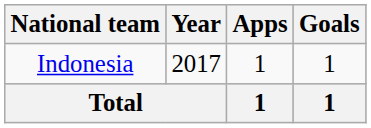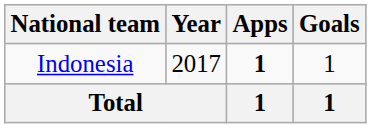 <table class=wikitable style=text-align:center>
 <tr>
 <th>National team</th>
 <th>Year</th>
 <th>Apps</th>
 <th>Goals</th>
 </tr>
 <tr>
 <td><a href='#'>Indonesia</a></td>
 <td>2017</td>
-<td>1</td>
+<td><strong>1</strong></td>
 <td>1</td>
 </tr>
 <tr>
 <th colspan=2>Total</th>
 <th>1</th>
 <th>1</th>
 </tr>
 </table>
